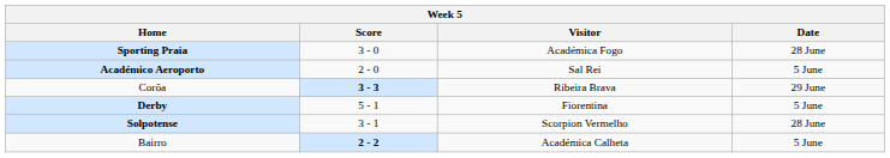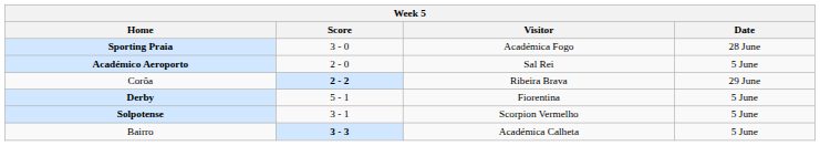 <table class="wikitable" style="font-size:95%; text-align: center; width: 95%;">
 <tr>
 <th colspan="12" style="with: 100%;" align=center>Week 5</th>
 </tr>
 <tr>
 <th width="200">Home</th>
 <th width="90">Score</th>
 <th width="200">Visitor</th>
 <th width="100">Date</th>
 </tr>
 <tr align=center>
 <td bgcolor=#D0E7FF><strong>Sporting Praia</strong></td>
 <td>3 - 0</td>
 <td>Académica Fogo</td>
 <td>28 June</td>
 </tr>
 <tr align=center>
 <td bgcolor=#D0E7FF><strong>Académico Aeroporto</strong></td>
 <td>2 - 0</td>
 <td>Sal Rei</td>
 <td>5 June</td>
 </tr>
 <tr align=center>
 <td>Corôa</td>
-<td bgcolor=#D0E7FF><strong>3 - 3</strong></td>
+<td bgcolor=#D0E7FF><strong>2 - 2</strong></td>
 <td>Ribeira Brava</td>
 <td>29 June</td>
 </tr>
 <tr align=center>
 <td bgcolor=#D0E7FF><strong>Derby</strong></td>
 <td>5 - 1</td>
 <td>Fiorentina</td>
 <td>5 June</td>
 </tr>
 <tr align=center>
 <td bgcolor=#D0E7FF><strong>Solpotense</strong></td>
 <td>3 - 1</td>
 <td>Scorpion Vermelho</td>
-<td>28 June</td>
+<td>5 June</td>
 </tr>
 <tr align=center>
 <td>Bairro</td>
-<td bgcolor=#D0E7FF><strong>2 - 2</strong></td>
+<td bgcolor=#D0E7FF><strong>3 - 3</strong></td>
 <td>Académica Calheta</td>
 <td>5 June</td>
 </tr>
 </table>
